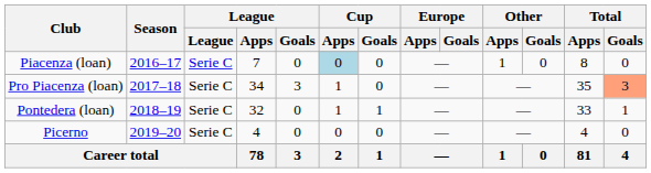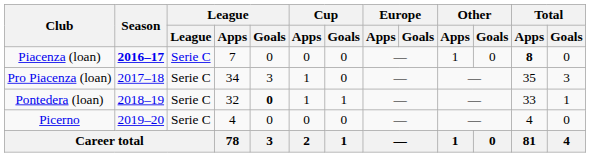 <table class="wikitable" style="text-align: center;">
 <tr>
 <th rowspan="2">Club</th>
 <th rowspan="2">Season</th>
 <th colspan="3">League</th>
 <th colspan="2">Cup</th>
 <th colspan="2">Europe</th>
 <th colspan="2">Other</th>
 <th colspan="2">Total</th>
 </tr>
 <tr>
 <th>League</th>
 <th>Apps</th>
 <th>Goals</th>
 <th>Apps</th>
 <th>Goals</th>
 <th>Apps</th>
 <th>Goals</th>
 <th>Apps</th>
 <th>Goals</th>
 <th>Apps</th>
 <th>Goals</th>
 </tr>
 <tr>
 <td><a href='#'>Piacenza</a> (loan)</td>
-<td><a href='#'>2016–17</a></td>
+<td><strong><a href='#'>2016–17</a></strong></td>
 <td><a href='#'>Serie C</a></td>
 <td>7</td>
 <td>0</td>
-<td style="background: lightblue;">0</td>
+<td>0</td>
 <td>0</td>
 <td colspan="2">—</td>
 <td>1</td>
 <td>0</td>
-<td>8</td>
+<td><strong>8</strong></td>
 <td>0</td>
 </tr>
 <tr>
 <td><a href='#'>Pro Piacenza</a> (loan)</td>
 <td><a href='#'>2017–18</a></td>
 <td>Serie C</td>
 <td>34</td>
 <td>3</td>
 <td>1</td>
 <td>0</td>
 <td colspan="2">—</td>
 <td colspan="2">—</td>
 <td>35</td>
-<td style="background: lightsalmon;">3</td>
+<td>3</td>
 </tr>
 <tr>
 <td><a href='#'>Pontedera</a> (loan)</td>
 <td><a href='#'>2018–19</a></td>
 <td>Serie C</td>
 <td>32</td>
-<td>0</td>
+<td><strong>0</strong></td>
 <td>1</td>
 <td>1</td>
 <td colspan="2">—</td>
 <td colspan="2">—</td>
 <td>33</td>
 <td>1</td>
 </tr>
 <tr>
 <td><a href='#'>Picerno</a></td>
 <td><a href='#'>2019–20</a></td>
 <td>Serie C</td>
 <td>4</td>
 <td>0</td>
 <td>0</td>
 <td>0</td>
 <td colspan="2">—</td>
 <td colspan="2">—</td>
 <td>4</td>
 <td>0</td>
 </tr>
 <tr>
 <th colspan="3">Career total</th>
 <th>78</th>
 <th>3</th>
 <th>2</th>
 <th>1</th>
 <th colspan="2">—</th>
 <th>1</th>
 <th>0</th>
 <th>81</th>
 <th>4</th>
 </tr>
 </table>
